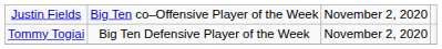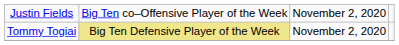 <table class="wikitable sortable sortable" style="text-align: center">
 <tr>
 <td><a href='#'>Justin Fields</a></td>
 <td><a href='#'>Big Ten</a> co–Offensive Player of the Week</td>
 <td>November 2, 2020</td>
 <td></td>
 </tr>
 <tr>
 <td><a href='#'>Tommy Togiai</a></td>
-<td>Big Ten Defensive Player of the Week</td>
+<td style="background: khaki;">Big Ten Defensive Player of the Week</td>
 <td>November 2, 2020</td>
 <td></td>
 </tr>
 <tr>
 </tr>
 </table>
